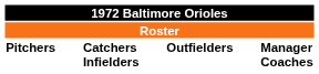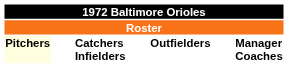 <table class="toccolours" style="font-size: 95%;">
 <tr>
 <th colspan="10" style="background-color: black; color: white; text-align: center;">1972 Baltimore Orioles</th>
 </tr>
 <tr>
 <td colspan="10" style="background-color: #F87217; color: white; text-align: center;"><strong>Roster</strong></td>
 </tr>
 <tr>
-<td valign="top"><strong>Pitchers</strong><br>          </td>
+<td valign="top" style="background: lightyellow;"><strong>Pitchers</strong><br>          </td>
 <td width="25px"></td>
 <td valign="top"><strong>Catchers</strong><br>    <strong>Infielders</strong>        </td>
 <td width="25px"></td>
 <td valign="top"><strong>Outfielders</strong><br>        </td>
 <td width="25px"></td>
 <td valign="top"><strong>Manager</strong><br> <strong>Coaches</strong>    </td>
 </tr>
 <tr>
 </tr>
 </table>
